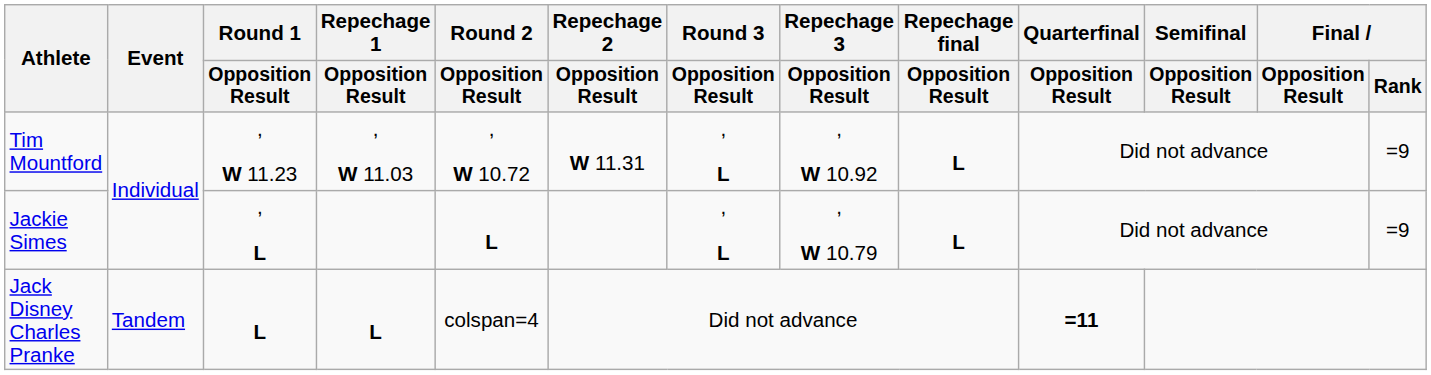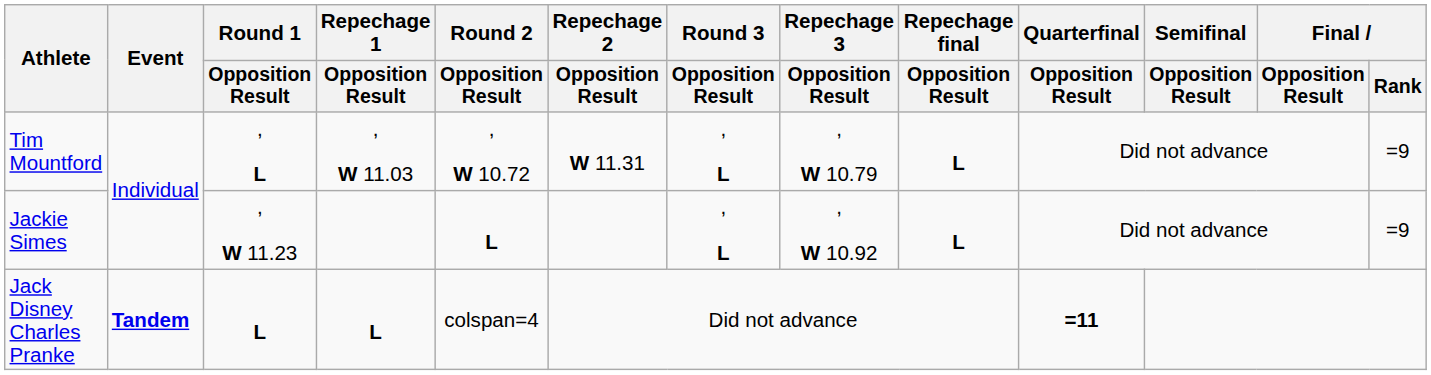 <table class=wikitable style=font-size:90%;text-align:center>
 <tr>
 <th rowspan=2>Athlete</th>
 <th rowspan=2>Event</th>
 <th>Round 1</th>
 <th>Repechage 1</th>
 <th>Round 2</th>
 <th>Repechage 2</th>
 <th>Round 3</th>
 <th>Repechage 3</th>
 <th>Repechage final</th>
 <th>Quarterfinal</th>
 <th>Semifinal</th>
 <th colspan=2>Final / </th>
 </tr>
 <tr style=font-size:95%>
 <th>Opposition<br>Result</th>
 <th>Opposition<br>Result</th>
 <th>Opposition<br>Result</th>
 <th>Opposition<br>Result</th>
 <th>Opposition<br>Result</th>
 <th>Opposition<br>Result</th>
 <th>Opposition<br>Result</th>
 <th>Opposition<br>Result</th>
 <th>Opposition<br>Result</th>
 <th>Opposition<br>Result</th>
 <th>Rank</th>
 </tr>
 <tr>
 <td align=left><a href='#'>Tim Mountford</a></td>
 <td align=left rowspan=2><a href='#'>Individual</a></td>
-<td>,<br><br><strong>W</strong> 11.23</td>
+<td>,<br><br><strong>L</strong></td>
 <td>,<br><br><strong>W</strong> 11.03</td>
 <td>,<br><br><strong>W</strong> 10.72</td>
 <td><br><strong>W</strong> 11.31</td>
+<td>,<br><br><strong>L</strong></td>
+<td>,<br><br><strong>W</strong> 10.79</td>
+<td><br><strong>L</strong></td>
+<td colspan=3>Did not advance</td>
+<td>=9</td>
+</tr>
+<tr>
+<td align=left><a href='#'>Jackie Simes</a></td>
+<td>,<br><br><strong>W</strong> 11.23</td>
+<td></td>
+<td><br><strong>L</strong></td>
+<td></td>
 <td>,<br><br><strong>L</strong></td>
 <td>,<br><br><strong>W</strong> 10.92</td>
 <td><br><strong>L</strong></td>
 <td colspan=3>Did not advance</td>
 <td>=9</td>
 </tr>
 <tr>
-<td align=left><a href='#'>Jackie Simes</a></td>
-<td>,<br><br><strong>L</strong></td>
-<td></td>
-<td><br><strong>L</strong></td>
-<td></td>
-<td>,<br><br><strong>L</strong></td>
-<td>,<br><br><strong>W</strong> 10.79</td>
-<td><br><strong>L</strong></td>
-<td colspan=3>Did not advance</td>
-<td>=9</td>
-</tr>
-<tr>
 <td align=left><a href='#'>Jack Disney</a><br><a href='#'>Charles Pranke</a></td>
-<td align=left><a href='#'>Tandem</a></td>
+<td align=left><strong><a href='#'>Tandem</a></strong></td>
 <td><br><strong>L</strong></td>
 <td><br><strong>L</strong></td>
 <td>colspan=4 </td>
 <td colspan=4>Did not advance</td>
 <td><strong>=11</strong></td>
 </tr>
 </table>
